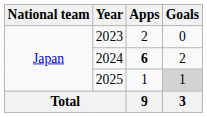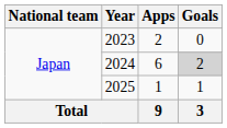 <table class="wikitable" style="text-align:center">
 <tr>
 <th>National team</th>
 <th>Year</th>
 <th>Apps</th>
 <th>Goals</th>
 </tr>
 <tr>
 <td rowspan="3"><a href='#'>Japan</a></td>
 <td>2023</td>
 <td>2</td>
 <td>0</td>
 </tr>
 <tr>
 <td>2024</td>
-<td><strong>6</strong></td>
-<td>2</td>
+<td>6</td>
+<td style="background: lightgrey;">2</td>
 </tr>
 <tr>
 <td>2025</td>
 <td>1</td>
-<td style="background: lightgrey;">1</td>
+<td>1</td>
 </tr>
 <tr>
 <th colspan="2">Total</th>
 <th>9</th>
 <th>3</th>
 </tr>
 </table>
